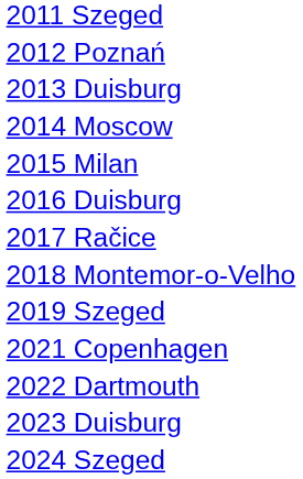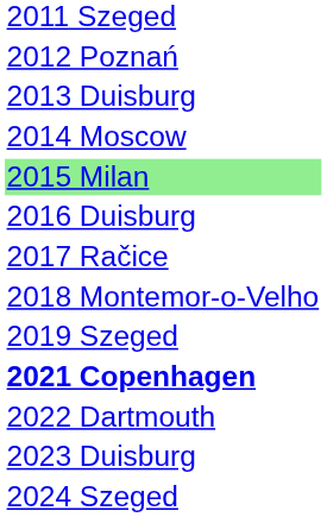 <table>
 <tr>
 <td><a href='#'>2011 Szeged</a></td>
 <td></td>
 <td></td>
 <td></td>
 </tr>
 <tr>
 <td><a href='#'>2012 Poznań</a></td>
 <td></td>
 <td></td>
 <td></td>
 </tr>
 <tr>
 <td><a href='#'>2013 Duisburg</a></td>
 <td></td>
 <td></td>
 <td></td>
 </tr>
 <tr>
 <td><a href='#'>2014 Moscow</a></td>
 <td></td>
 <td></td>
 <td></td>
 </tr>
 <tr>
-<td><a href='#'>2015 Milan</a></td>
+<td style="background: lightgreen;"><a href='#'>2015 Milan</a></td>
 <td></td>
 <td></td>
 <td></td>
 </tr>
 <tr>
 <td><a href='#'>2016 Duisburg</a></td>
 <td></td>
 <td></td>
 <td></td>
 </tr>
 <tr>
 <td><a href='#'>2017 Račice</a></td>
 <td></td>
 <td></td>
 <td></td>
 </tr>
 <tr>
 <td><a href='#'>2018 Montemor-o-Velho</a></td>
 <td></td>
 <td></td>
 <td></td>
 </tr>
 <tr>
 <td><a href='#'>2019 Szeged</a></td>
 <td></td>
 <td></td>
 <td></td>
 </tr>
 <tr>
-<td><a href='#'>2021 Copenhagen</a></td>
+<td><strong><a href='#'>2021 Copenhagen</a></strong></td>
 <td></td>
 <td></td>
 <td></td>
 </tr>
 <tr>
 <td><a href='#'>2022 Dartmouth</a></td>
 <td></td>
 <td></td>
 <td></td>
 </tr>
 <tr>
 <td><a href='#'>2023 Duisburg</a></td>
 <td></td>
 <td></td>
 <td></td>
 </tr>
 <tr>
 <td><a href='#'>2024 Szeged</a></td>
 <td></td>
 <td></td>
 <td></td>
 </tr>
 </table>
